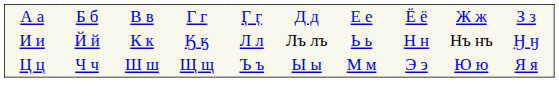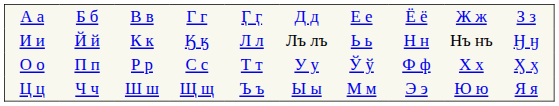 <table style="font-family:Arial Unicode MS; font-size:1.4em; border-color:#000000; border-width:1px; border-style:solid; border-collapse:collapse; background-color:#F8F8EF">
 <tr>
 <td style="width:3em; text-align:center; padding: 3px;"><a href='#'>А а</a></td>
 <td style="width:3em; text-align:center; padding: 3px;"><a href='#'>Б б</a></td>
 <td style="width:3em; text-align:center; padding: 3px;"><a href='#'>В в</a></td>
 <td style="width:3em; text-align:center; padding: 3px;"><a href='#'>Г г</a></td>
 <td style="width:3em; text-align:center; padding: 3px;"><a href='#'>Ӷ ӷ</a></td>
 <td style="width:3em; text-align:center; padding: 3px;"><a href='#'>Д д</a></td>
 <td style="width:3em; text-align:center; padding: 3px;"><a href='#'>Е е</a></td>
 <td style="width:3em; text-align:center; padding: 3px;"><a href='#'>Ё ё</a></td>
 <td style="width:3em; text-align:center; padding: 3px;"><a href='#'>Ж ж</a></td>
 <td style="width:3em; text-align:center; padding: 3px;"><a href='#'>З з</a></td>
 </tr>
 <tr>
 <td style="width:3em; text-align:center; padding: 3px;"><a href='#'>И и</a></td>
 <td style="width:3em; text-align:center; padding: 3px;"><a href='#'>Й й</a></td>
 <td style="width:3em; text-align:center; padding: 3px;"><a href='#'>К к</a></td>
 <td style="width:3em; text-align:center; padding: 3px;"><a href='#'>Ӄ ӄ</a></td>
 <td style="width:3em; text-align:center; padding: 3px;"><a href='#'>Л л</a></td>
 <td style="width:3em; text-align:center; padding: 3px;">Лъ лъ</td>
 <td style="width:3em; text-align:center; padding: 3px;"><a href='#'>Ь ь</a></td>
 <td style="width:3em; text-align:center; padding: 3px;"><a href='#'>Н н</a></td>
 <td style="width:3em; text-align:center; padding: 3px;">Нъ нъ</td>
 <td style="width:3em; text-align:center; padding: 3px;"><a href='#'>Ӈ ӈ</a></td>
 </tr>
 <tr>
+<td style="width:3em; text-align:center; padding: 3px;"><a href='#'>О о</a></td>
+<td style="width:3em; text-align:center; padding: 3px;"><a href='#'>П п</a></td>
+<td style="width:3em; text-align:center; padding: 3px;"><a href='#'>Р р</a></td>
+<td style="width:3em; text-align:center; padding: 3px;"><a href='#'>С с</a></td>
+<td style="width:3em; text-align:center; padding: 3px;"><a href='#'>Т т</a></td>
+<td style="width:3em; text-align:center; padding: 3px;"><a href='#'>У у</a></td>
+<td style="width:3em; text-align:center; padding: 3px;"><a href='#'>Ў ў</a></td>
+<td style="width:3em; text-align:center; padding: 3px;"><a href='#'>Ф ф</a></td>
+<td style="width:3em; text-align:center; padding: 3px;"><a href='#'>Х х</a></td>
+<td style="width:3em; text-align:center; padding: 3px;"><a href='#'>Ӽ ӽ</a></td>
+</tr>
+<tr>
 <td style="width:3em; text-align:center; padding: 3px;"><a href='#'>Ц ц</a></td>
 <td style="width:3em; text-align:center; padding: 3px;"><a href='#'>Ч ч</a></td>
 <td style="width:3em; text-align:center; padding: 3px;"><a href='#'>Ш ш</a></td>
 <td style="width:3em; text-align:center; padding: 3px;"><a href='#'>Щ щ</a></td>
 <td style="width:3em; text-align:center; padding: 3px;"><a href='#'>Ъ ъ</a></td>
 <td style="width:3em; text-align:center; padding: 3px;"><a href='#'>Ы ы</a></td>
 <td style="width:3em; text-align:center; padding: 3px;"><a href='#'>М м</a></td>
 <td style="width:3em; text-align:center; padding: 3px;"><a href='#'>Э э</a></td>
 <td style="width:3em; text-align:center; padding: 3px;"><a href='#'>Ю ю</a></td>
 <td style="width:3em; text-align:center; padding: 3px;"><a href='#'>Я я</a></td>
 </tr>
 </table>
